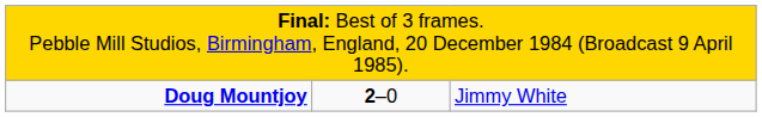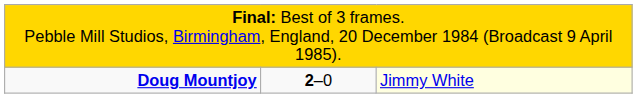 <table class="wikitable" style="font-size: 95%; margin: 1em auto 1em auto;">
 <tr>
 <td colspan="3" align="center" bgcolor="#ffd700"><strong>Final:</strong> Best of 3 frames.<br>Pebble Mill Studios, <a href='#'>Birmingham</a>, England, 20 December 1984 (Broadcast 9 April 1985).</td>
 </tr>
 <tr>
 <td width="230" align="right"><strong><a href='#'>Doug Mountjoy</a></strong> <br></td>
 <td width="100" align="center"><strong>2</strong>–0</td>
-<td width="230"><a href='#'>Jimmy White</a> <br></td>
+<td width="230" style="background: lightyellow;"><a href='#'>Jimmy White</a> <br></td>
 </tr>
 </table>
